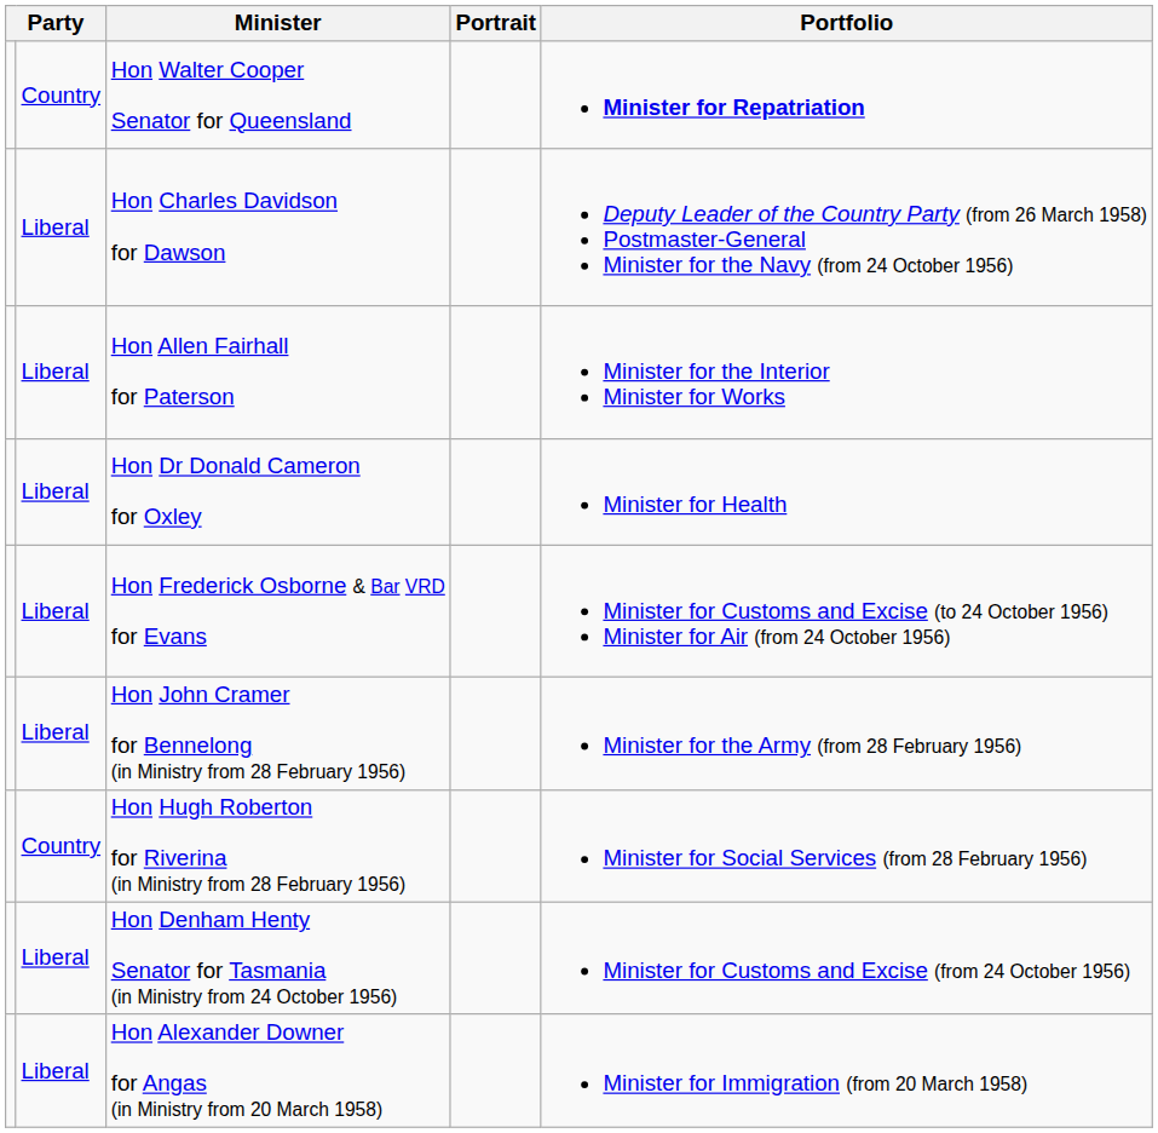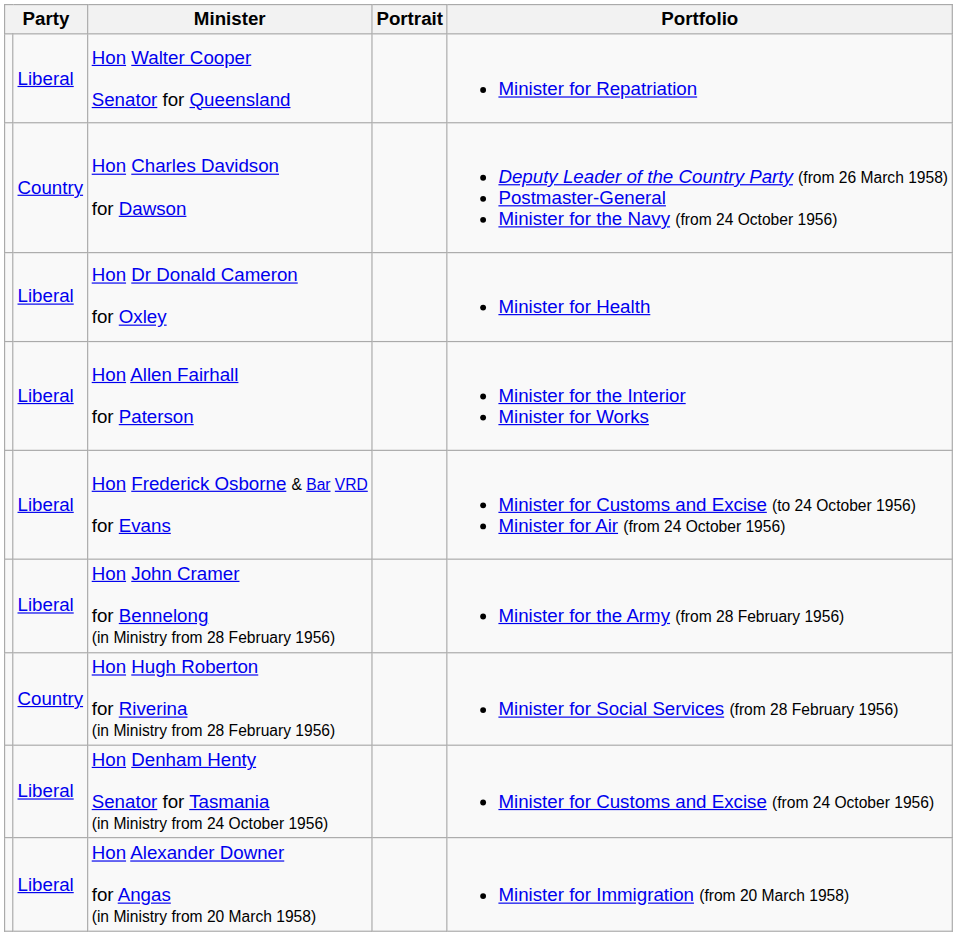 <table class="wikitable sortable">
 <tr>
 <th colspan="2">Party</th>
 <th>Minister</th>
 <th>Portrait</th>
 <th>Portfolio</th>
 </tr>
 <tr>
 <td></td>
-<td><a href='#'>Country</a></td>
+<td><a href='#'>Liberal</a></td>
 <td><a href='#'>Hon</a> <a href='#'>Walter Cooper</a>  <br><br><a href='#'>Senator</a> for <a href='#'>Queensland</a> <br></td>
 <td></td>
-<td><strong><br><ul><li><a href='#'>Minister for Repatriation</a></li></ul></strong></td>
+<td><br><ul><li><a href='#'>Minister for Repatriation</a></li></ul></td>
 </tr>
 <tr>
 <td></td>
-<td><a href='#'>Liberal</a></td>
+<td><a href='#'>Country</a></td>
 <td><a href='#'>Hon</a> <a href='#'>Charles Davidson</a>  <br><br> for <a href='#'>Dawson</a> <br></td>
 <td></td>
 <td><br><ul><li><em><a href='#'>Deputy Leader of the Country Party</a></em> <small>(from 26 March 1958)</small></li><li><a href='#'>Postmaster-General</a></li><li><a href='#'>Minister for the Navy</a> <small>(from 24 October 1956)</small></li></ul></td>
 </tr>
 <tr>
 <td></td>
 <td><a href='#'>Liberal</a></td>
-<td><a href='#'>Hon</a> <a href='#'>Allen Fairhall</a> <br><br> for <a href='#'>Paterson</a> <br></td>
+<td><a href='#'>Hon</a> <a href='#'>Dr Donald Cameron</a>  <br><br> for <a href='#'>Oxley</a> <br></td>
 <td></td>
-<td><br><ul><li><a href='#'>Minister for the Interior</a></li><li><a href='#'>Minister for Works</a></li></ul></td>
+<td><br><ul><li><a href='#'>Minister for Health</a></li></ul></td>
 </tr>
 <tr>
 <td></td>
 <td><a href='#'>Liberal</a></td>
-<td><a href='#'>Hon</a> <a href='#'>Dr Donald Cameron</a>  <br><br> for <a href='#'>Oxley</a> <br></td>
+<td><a href='#'>Hon</a> <a href='#'>Allen Fairhall</a> <br><br> for <a href='#'>Paterson</a> <br></td>
 <td></td>
-<td><br><ul><li><a href='#'>Minister for Health</a></li></ul></td>
+<td><br><ul><li><a href='#'>Minister for the Interior</a></li><li><a href='#'>Minister for Works</a></li></ul></td>
 </tr>
 <tr>
 <td></td>
 <td><a href='#'>Liberal</a></td>
 <td><a href='#'>Hon</a> <a href='#'>Frederick Osborne</a>  <small>& <a href='#'>Bar</a> <a href='#'>VRD</a></small> <br><br> for <a href='#'>Evans</a> <br></td>
 <td></td>
 <td><br><ul><li><a href='#'>Minister for Customs and Excise</a> <small>(to 24 October 1956)</small></li><li><a href='#'>Minister for Air</a> <small>(from 24 October 1956)</small></li></ul></td>
 </tr>
 <tr>
 <td></td>
 <td><a href='#'>Liberal</a></td>
 <td><a href='#'>Hon</a> <a href='#'>John Cramer</a> <br><br> for <a href='#'>Bennelong</a> <br> <small>(in Ministry from 28 February 1956)</small></td>
 <td></td>
 <td><br><ul><li><a href='#'>Minister for the Army</a> <small>(from 28 February 1956)</small></li></ul></td>
 </tr>
 <tr>
 <td></td>
 <td><a href='#'>Country</a></td>
 <td><a href='#'>Hon</a> <a href='#'>Hugh Roberton</a> <br><br> for <a href='#'>Riverina</a> <br> <small>(in Ministry from 28 February 1956)</small></td>
 <td></td>
 <td><br><ul><li><a href='#'>Minister for Social Services</a> <small>(from 28 February 1956)</small></li></ul></td>
 </tr>
 <tr>
 <td></td>
 <td><a href='#'>Liberal</a></td>
 <td><a href='#'>Hon</a> <a href='#'>Denham Henty</a> <br><br><a href='#'>Senator</a> for <a href='#'>Tasmania</a> <br> <small>(in Ministry from 24 October 1956)</small></td>
 <td></td>
 <td><br><ul><li><a href='#'>Minister for Customs and Excise</a> <small>(from 24 October 1956)</small></li></ul></td>
 </tr>
 <tr>
 <td></td>
 <td><a href='#'>Liberal</a></td>
 <td><a href='#'>Hon</a> <a href='#'>Alexander Downer</a> <br><br> for <a href='#'>Angas</a> <br> <small>(in Ministry from 20 March 1958)</small></td>
 <td></td>
 <td><br><ul><li><a href='#'>Minister for Immigration</a> <small>(from 20 March 1958)</small></li></ul></td>
 </tr>
 </table>
